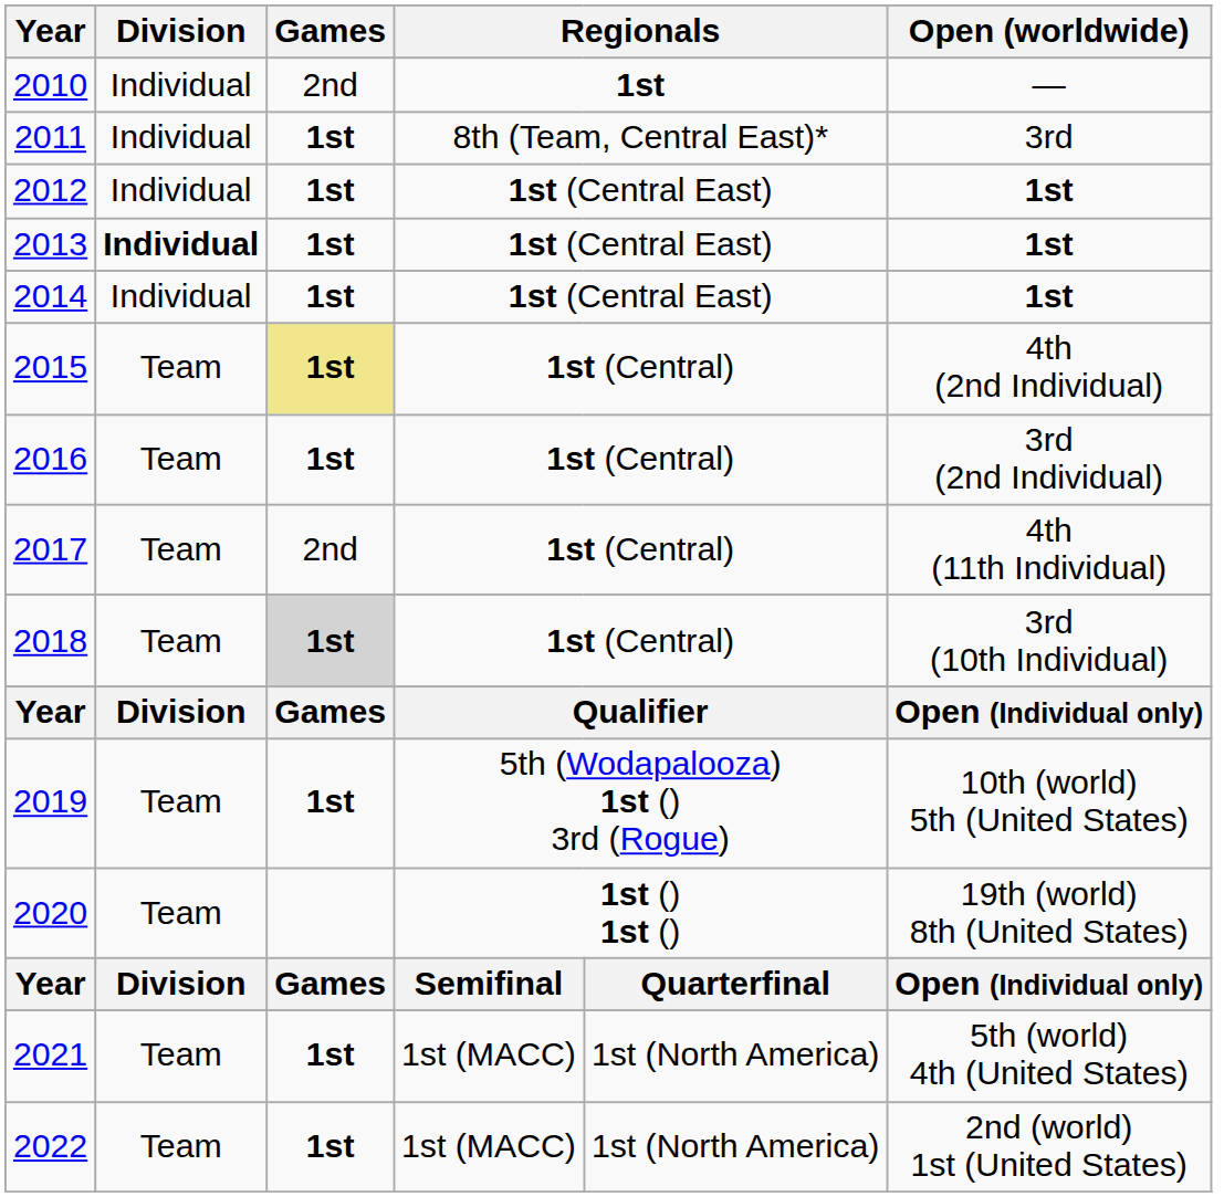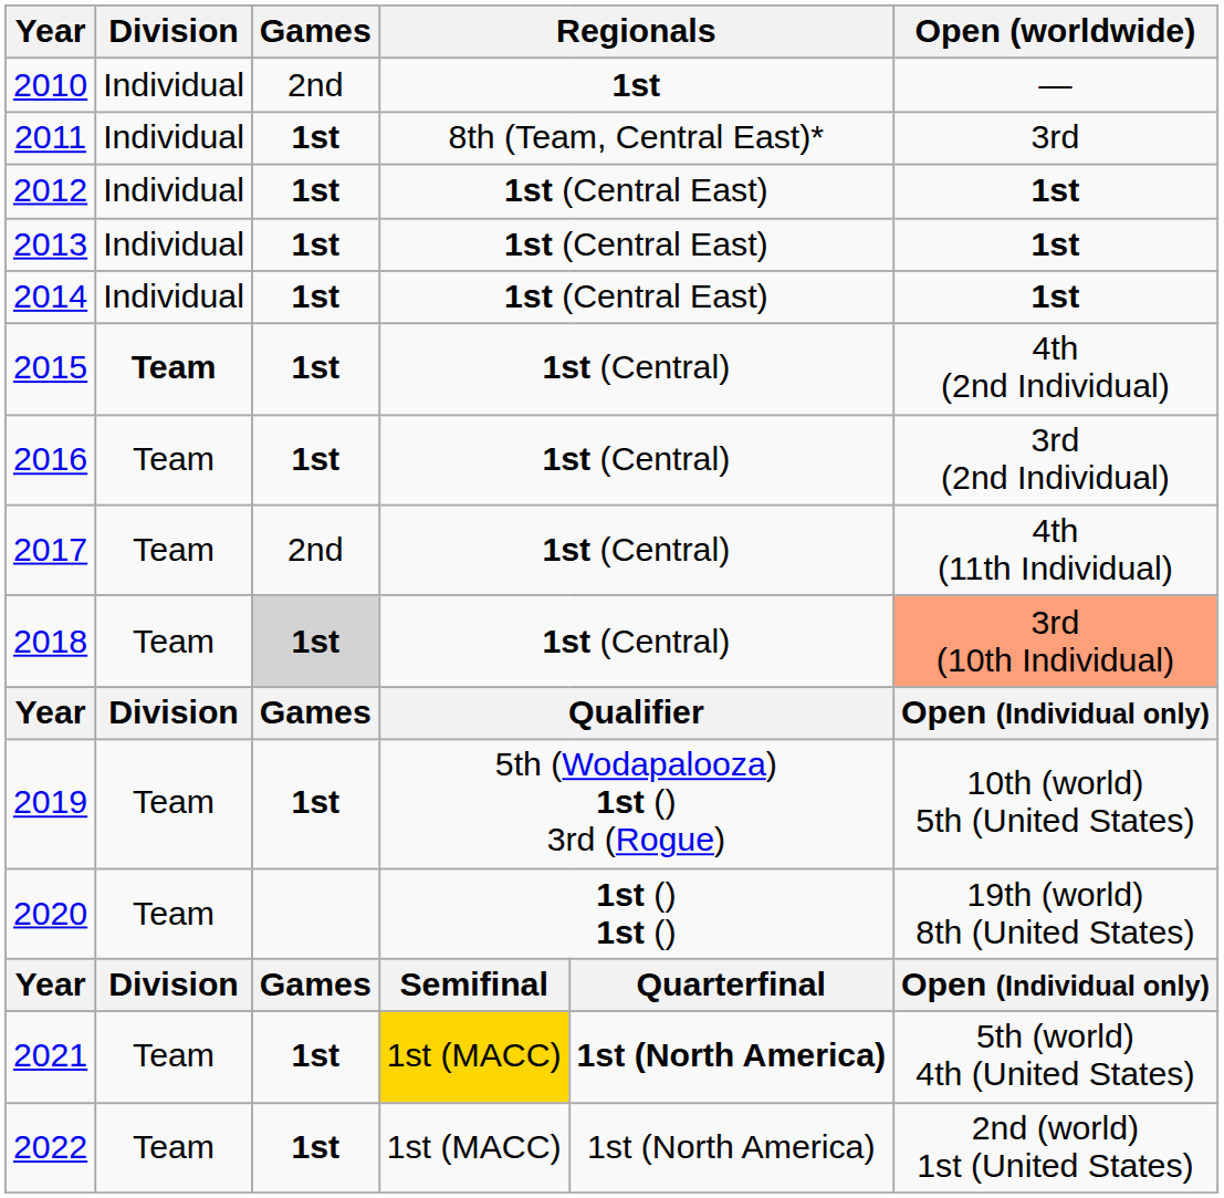 <table class="wikitable" style="text-align:center">
 <tr>
 <th>Year</th>
 <th>Division</th>
 <th>Games</th>
 <th colspan="2">Regionals</th>
 <th>Open (worldwide)</th>
 </tr>
 <tr>
 <td><a href='#'>2010</a></td>
 <td>Individual</td>
 <td>2nd</td>
 <td colspan="2"><strong>1st</strong></td>
 <td>—</td>
 </tr>
 <tr>
 <td><a href='#'>2011</a></td>
 <td>Individual</td>
 <td><strong>1st</strong></td>
 <td colspan="2">8th (Team, Central East)*</td>
 <td>3rd</td>
 </tr>
 <tr>
 <td><a href='#'>2012</a></td>
 <td>Individual</td>
 <td><strong>1st</strong></td>
 <td colspan="2"><strong>1st</strong> (Central East)</td>
 <td><strong>1st</strong></td>
 </tr>
 <tr>
 <td><a href='#'>2013</a></td>
-<td><strong>Individual</strong></td>
+<td>Individual</td>
 <td><strong>1st</strong></td>
 <td colspan="2"><strong>1st</strong> (Central East)</td>
 <td><strong>1st</strong></td>
 </tr>
 <tr>
 <td><a href='#'>2014</a></td>
 <td>Individual</td>
 <td><strong>1st</strong></td>
 <td colspan="2"><strong>1st</strong> (Central East)</td>
 <td><strong>1st</strong></td>
 </tr>
 <tr>
 <td><a href='#'>2015</a></td>
-<td>Team</td>
-<td style="background: khaki;"><strong>1st</strong></td>
+<td><strong>Team</strong></td>
+<td><strong>1st</strong></td>
 <td colspan="2"><strong>1st</strong> (Central)</td>
 <td>4th<br>(2nd Individual)</td>
 </tr>
 <tr>
 <td><a href='#'>2016</a></td>
 <td>Team</td>
 <td><strong>1st</strong></td>
 <td colspan="2"><strong>1st</strong> (Central)</td>
 <td>3rd<br>(2nd Individual)</td>
 </tr>
 <tr>
 <td><a href='#'>2017</a></td>
 <td>Team</td>
 <td>2nd</td>
 <td colspan="2"><strong>1st</strong> (Central)</td>
 <td>4th<br>(11th Individual)</td>
 </tr>
 <tr>
 <td><a href='#'>2018</a></td>
 <td>Team</td>
 <td style="background: lightgrey;"><strong>1st</strong></td>
 <td colspan="2"><strong>1st</strong> (Central)</td>
-<td>3rd<br>(10th Individual)</td>
+<td style="background: lightsalmon;">3rd<br>(10th Individual)</td>
 </tr>
 <tr>
 <th>Year</th>
 <th>Division</th>
 <th>Games</th>
 <th colspan="2">Qualifier</th>
 <th>Open <small>(Individual only)</small></th>
 </tr>
 <tr>
 <td><a href='#'>2019</a></td>
 <td>Team</td>
 <td><strong>1st</strong></td>
 <td colspan="2">5th (<a href='#'>Wodapalooza</a>)<br><strong>1st</strong> ()<br>3rd (<a href='#'>Rogue</a>)</td>
 <td>10th (world)<br>5th (United States)</td>
 </tr>
 <tr>
 <td><a href='#'>2020</a></td>
 <td>Team</td>
 <td></td>
 <td colspan="2"><strong>1st</strong> ()<br><strong>1st</strong> ()</td>
 <td>19th (world)<br>8th (United States)</td>
 </tr>
 <tr>
 <th>Year</th>
 <th>Division</th>
 <th>Games</th>
 <th>Semifinal</th>
 <th>Quarterfinal</th>
 <th>Open <small>(Individual only)</small></th>
 </tr>
 <tr>
 <td><a href='#'>2021</a></td>
 <td>Team</td>
 <td><strong>1st</strong></td>
-<td>1st (MACC)</td>
-<td>1st (North America)</td>
+<td style="background: gold;">1st (MACC)</td>
+<td><strong>1st (North America)</strong></td>
 <td>5th (world) <br> 4th (United States) </td>
 </tr>
 <tr>
 <td><a href='#'>2022</a></td>
 <td>Team</td>
 <td><strong>1st</strong></td>
 <td>1st (MACC)</td>
 <td>1st (North America)</td>
 <td>2nd (world) <br> 1st (United States) </td>
 </tr>
 <tr>
 </tr>
 </table>
